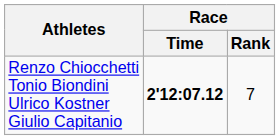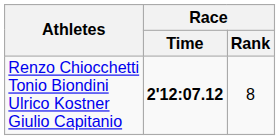 <table class="wikitable" border="1" style="font-size:90%">
 <tr>
 <th rowspan=2>Athletes</th>
 <th colspan=2>Race</th>
 </tr>
 <tr>
 <th>Time</th>
 <th>Rank</th>
 </tr>
 <tr>
 <td><a href='#'>Renzo Chiocchetti</a><br><a href='#'>Tonio Biondini</a><br><a href='#'>Ulrico Kostner</a><br><a href='#'>Giulio Capitanio</a></td>
 <td align=center><strong>2'12:07.12</strong></td>
-<td align=center>7</td>
+<td align=center>8</td>
 </tr>
 </table>
